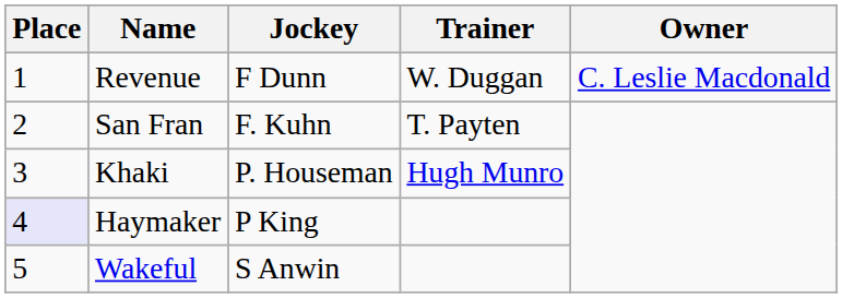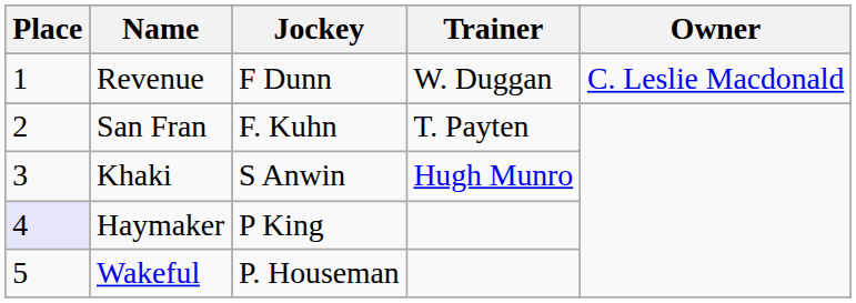 <table class="wikitable">
 <tr>
 <th>Place</th>
 <th>Name</th>
 <th>Jockey</th>
 <th>Trainer</th>
 <th>Owner</th>
 </tr>
 <tr>
 <td>1</td>
 <td>Revenue</td>
 <td>F Dunn</td>
 <td>W. Duggan</td>
 <td><a href='#'>C. Leslie Macdonald</a></td>
 </tr>
 <tr>
 <td>2</td>
 <td>San Fran</td>
 <td>F. Kuhn</td>
 <td>T. Payten</td>
 </tr>
 <tr>
 <td>3</td>
 <td>Khaki</td>
-<td>P. Houseman</td>
+<td>S Anwin</td>
 <td><a href='#'>Hugh Munro</a></td>
 </tr>
 <tr>
 <td style="background: lavender;">4</td>
 <td>Haymaker</td>
 <td>P King</td>
 <td></td>
 </tr>
 <tr>
 <td>5</td>
 <td><a href='#'>Wakeful</a></td>
-<td>S Anwin</td>
+<td>P. Houseman</td>
 <td></td>
 </tr>
 </table>
